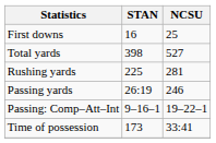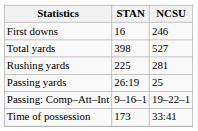 <table class="wikitable" style="float: left;">
 <tr>
 <th>Statistics</th>
 <th>STAN</th>
 <th>NCSU</th>
 </tr>
 <tr>
 <td>First downs</td>
 <td>16</td>
-<td>25</td>
+<td>246</td>
 </tr>
 <tr>
 <td>Total yards</td>
 <td>398</td>
 <td>527</td>
 </tr>
 <tr>
 <td>Rushing yards</td>
 <td>225</td>
 <td>281</td>
 </tr>
 <tr>
 <td>Passing yards</td>
 <td>26:19</td>
-<td>246</td>
+<td>25</td>
 </tr>
 <tr>
 <td>Passing: Comp–Att–Int</td>
 <td>9–16–1</td>
 <td>19–22–1</td>
 </tr>
 <tr>
 <td>Time of possession</td>
 <td>173</td>
 <td>33:41</td>
 </tr>
 <tr>
 </tr>
 </table>
